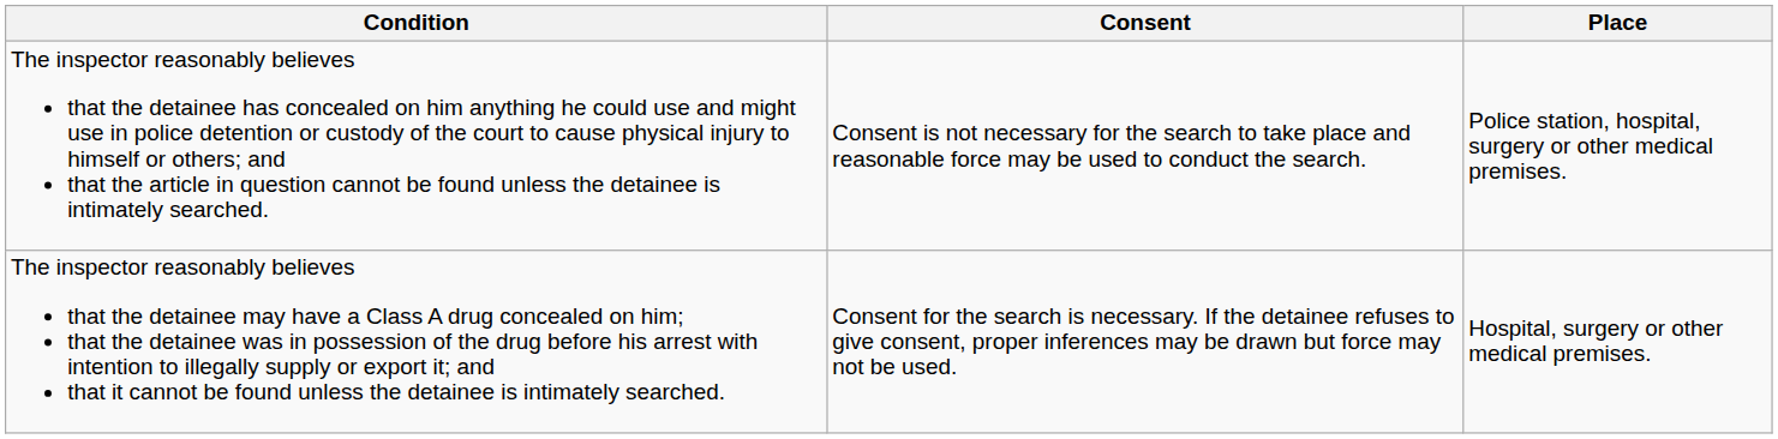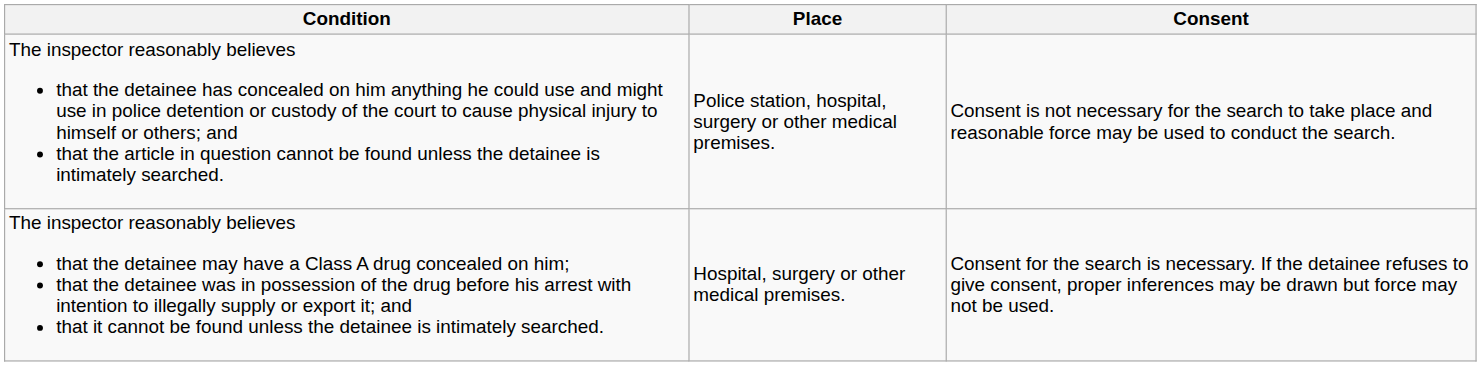 <table class="wikitable">
 <tr>
 <th>Condition</th>
+<th>Place</th>
 <th>Consent</th>
-<th>Place</th>
 </tr>
 <tr>
 <td>The inspector reasonably believes<br><ul><li>that the detainee has concealed on him anything he could use and might use in police detention or custody of the court to cause physical injury to himself or others; and</li><li>that the article in question cannot be found unless the detainee is intimately searched.</li></ul></td>
+<td>Police station, hospital, surgery or other medical premises.</td>
 <td>Consent is not necessary for the search to take place and reasonable force may be used to conduct the search.</td>
-<td>Police station, hospital, surgery or other medical premises.</td>
 </tr>
 <tr>
 <td>The inspector reasonably believes<br><ul><li>that the detainee may have a Class A drug concealed on him;</li><li>that the detainee was in possession of the drug before his arrest with intention to illegally supply or export it; and</li><li>that it cannot be found unless the detainee is intimately searched.</li></ul></td>
+<td>Hospital, surgery or other medical premises.</td>
 <td>Consent for the search is necessary. If the detainee refuses to give consent, proper inferences may be drawn but force may not be used.</td>
-<td>Hospital, surgery or other medical premises.</td>
 </tr>
 </table>
